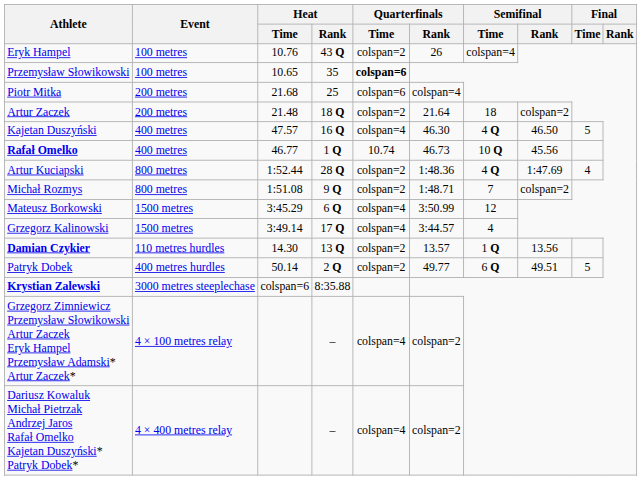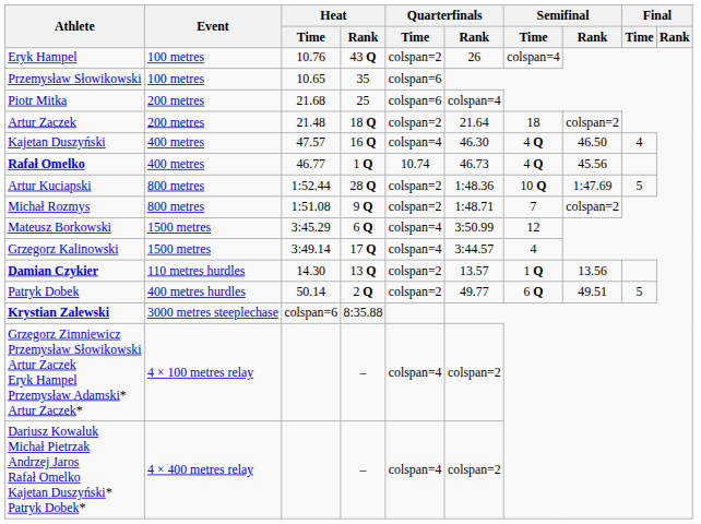 <table class="wikitable" style="font-size:90%">
 <tr>
 <th rowspan="2">Athlete</th>
 <th rowspan="2">Event</th>
 <th colspan="2">Heat</th>
 <th colspan="2">Quarterfinals</th>
 <th colspan="2">Semifinal</th>
 <th colspan="2">Final</th>
 </tr>
 <tr>
 <th>Time</th>
 <th>Rank</th>
 <th>Time</th>
 <th>Rank</th>
 <th>Time</th>
 <th>Rank</th>
 <th>Time</th>
 <th>Rank</th>
 </tr>
 <tr style=text-align:center>
 <td style=text-align:left><a href='#'>Eryk Hampel</a></td>
 <td style=text-align:left><a href='#'>100 metres</a></td>
 <td>10.76</td>
 <td>43 <strong>Q</strong></td>
 <td>colspan=2 </td>
 <td>26</td>
 <td>colspan=4 </td>
 </tr>
 <tr style=text-align:center>
 <td style=text-align:left><a href='#'>Przemysław Słowikowski</a></td>
 <td style=text-align:left><a href='#'>100 metres</a></td>
 <td>10.65</td>
 <td>35</td>
-<td><strong>colspan=6 </strong></td>
+<td>colspan=6 </td>
 </tr>
 <tr style=text-align:center>
 <td style=text-align:left><a href='#'>Piotr Mitka</a></td>
 <td style=text-align:left><a href='#'>200 metres</a></td>
 <td>21.68</td>
 <td>25</td>
 <td>colspan=6 </td>
 <td>colspan=4 </td>
 </tr>
 <tr style=text-align:center>
 <td style=text-align:left><a href='#'>Artur Zaczek</a></td>
 <td style=text-align:left><a href='#'>200 metres</a></td>
 <td>21.48</td>
 <td>18 <strong>Q</strong></td>
 <td>colspan=2 </td>
 <td>21.64</td>
 <td>18</td>
 <td>colspan=2 </td>
 </tr>
 <tr style=text-align:center>
 <td style=text-align:left><a href='#'>Kajetan Duszyński</a></td>
 <td style=text-align:left><a href='#'>400 metres</a></td>
 <td>47.57</td>
 <td>16 <strong>Q</strong></td>
 <td>colspan=4 </td>
 <td>46.30</td>
 <td>4 <strong>Q</strong></td>
 <td>46.50</td>
-<td>5</td>
+<td>4</td>
 </tr>
 <tr style=text-align:center>
 <td style=text-align:left><strong><a href='#'>Rafał Omelko</a></strong></td>
 <td style=text-align:left><a href='#'>400 metres</a></td>
 <td>46.77</td>
 <td>1 <strong>Q</strong></td>
 <td>10.74</td>
 <td>46.73</td>
-<td>10 <strong>Q</strong></td>
+<td>4 <strong>Q</strong></td>
 <td>45.56</td>
 <td></td>
 </tr>
 <tr style=text-align:center>
 <td style=text-align:left><a href='#'>Artur Kuciapski</a></td>
 <td style=text-align:left><a href='#'>800 metres</a></td>
 <td>1:52.44</td>
 <td>28 <strong>Q</strong></td>
 <td>colspan=2 </td>
 <td>1:48.36</td>
-<td>4 <strong>Q</strong></td>
+<td>10 <strong>Q</strong></td>
 <td>1:47.69</td>
-<td>4</td>
+<td>5</td>
 </tr>
 <tr style=text-align:center>
 <td style=text-align:left><a href='#'>Michał Rozmys</a></td>
 <td style=text-align:left><a href='#'>800 metres</a></td>
 <td>1:51.08</td>
 <td>9 <strong>Q</strong></td>
 <td>colspan=2 </td>
 <td>1:48.71</td>
 <td>7</td>
 <td>colspan=2 </td>
 </tr>
 <tr style=text-align:center>
 <td style=text-align:left><a href='#'>Mateusz Borkowski</a></td>
 <td style=text-align:left><a href='#'>1500 metres</a></td>
 <td>3:45.29</td>
 <td>6 <strong>Q</strong></td>
 <td>colspan=4 </td>
 <td>3:50.99</td>
 <td>12</td>
 </tr>
 <tr style=text-align:center>
 <td style=text-align:left><a href='#'>Grzegorz Kalinowski</a></td>
 <td style=text-align:left><a href='#'>1500 metres</a></td>
 <td>3:49.14</td>
 <td>17 <strong>Q</strong></td>
 <td>colspan=4 </td>
 <td>3:44.57</td>
 <td>4</td>
 </tr>
 <tr style=text-align:center>
 <td style=text-align:left><strong><a href='#'>Damian Czykier</a></strong></td>
 <td style=text-align:left><a href='#'>110 metres hurdles</a></td>
 <td>14.30</td>
 <td>13 <strong>Q</strong></td>
 <td>colspan=2 </td>
 <td>13.57</td>
 <td>1 <strong>Q</strong></td>
 <td>13.56</td>
 <td></td>
 </tr>
 <tr style=text-align:center>
 <td style=text-align:left><a href='#'>Patryk Dobek</a></td>
 <td style=text-align:left><a href='#'>400 metres hurdles</a></td>
 <td>50.14</td>
 <td>2 <strong>Q</strong></td>
 <td>colspan=2 </td>
 <td>49.77</td>
 <td>6 <strong>Q</strong></td>
 <td>49.51</td>
 <td>5</td>
 </tr>
 <tr style=text-align:center>
 <td style=text-align:left><strong><a href='#'>Krystian Zalewski</a></strong></td>
 <td style=text-align:left><a href='#'>3000 metres steeplechase</a></td>
 <td>colspan=6 </td>
 <td>8:35.88</td>
 <td></td>
 </tr>
 <tr style=text-align:center>
 <td style=text-align:left><a href='#'>Grzegorz Zimniewicz</a><br><a href='#'>Przemysław Słowikowski</a><br><a href='#'>Artur Zaczek</a><br><a href='#'>Eryk Hampel</a><br><a href='#'>Przemysław Adamski</a>*<br><a href='#'>Artur Zaczek</a>*</td>
 <td style=text-align:left><a href='#'>4 × 100 metres relay</a></td>
 <td></td>
 <td>–</td>
 <td>colspan=4 </td>
 <td>colspan=2 </td>
 </tr>
 <tr style=text-align:center>
 <td style=text-align:left><a href='#'>Dariusz Kowaluk</a><br><a href='#'>Michał Pietrzak</a><br><a href='#'>Andrzej Jaros</a><br><a href='#'>Rafał Omelko</a><br><a href='#'>Kajetan Duszyński</a>*<br><a href='#'>Patryk Dobek</a>*</td>
 <td style=text-align:left><a href='#'>4 × 400 metres relay</a></td>
 <td></td>
 <td>–</td>
 <td>colspan=4 </td>
 <td>colspan=2 </td>
 </tr>
 </table>
